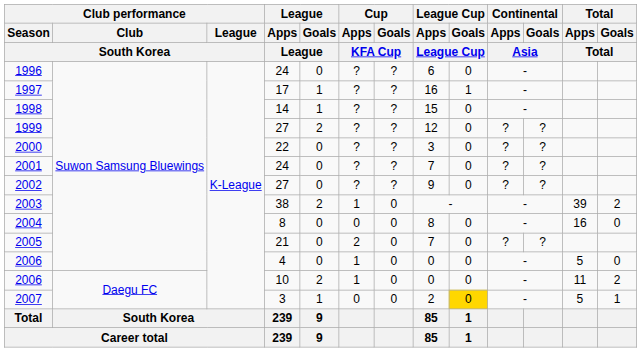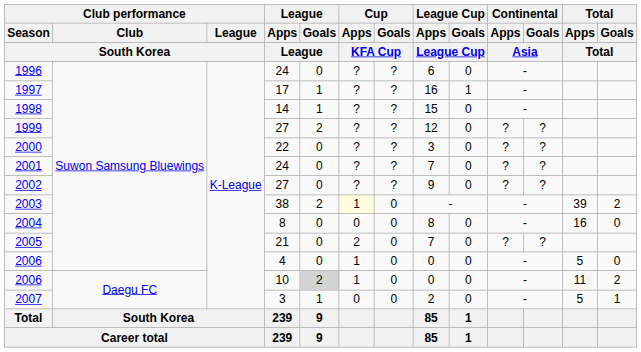 <table class="wikitable" style="text-align:center">
 <tr>
 <th colspan=3>Club performance</th>
 <th colspan=2>League</th>
 <th colspan=2>Cup</th>
 <th colspan=2>League Cup</th>
 <th colspan=2>Continental</th>
 <th colspan=2>Total</th>
 </tr>
 <tr>
 <th>Season</th>
 <th>Club</th>
 <th>League</th>
 <th>Apps</th>
 <th>Goals</th>
 <th>Apps</th>
 <th>Goals</th>
 <th>Apps</th>
 <th>Goals</th>
 <th>Apps</th>
 <th>Goals</th>
 <th>Apps</th>
 <th>Goals</th>
 </tr>
 <tr>
 <th colspan=3>South Korea</th>
 <th colspan=2>League</th>
 <th colspan=2><a href='#'>KFA Cup</a></th>
 <th colspan=2><a href='#'>League Cup</a></th>
 <th colspan=2><a href='#'>Asia</a></th>
 <th colspan=2>Total</th>
 </tr>
 <tr>
 <td><a href='#'>1996</a></td>
 <td rowspan="11"><a href='#'>Suwon Samsung Bluewings</a></td>
 <td rowspan="13"><a href='#'>K-League</a></td>
 <td>24</td>
 <td>0</td>
 <td>?</td>
 <td>?</td>
 <td>6</td>
 <td>0</td>
 <td colspan="2">-</td>
 <td></td>
 <td></td>
 </tr>
 <tr>
 <td><a href='#'>1997</a></td>
 <td>17</td>
 <td>1</td>
 <td>?</td>
 <td>?</td>
 <td>16</td>
 <td>1</td>
 <td colspan="2">-</td>
 <td></td>
 <td></td>
 </tr>
 <tr>
 <td><a href='#'>1998</a></td>
 <td>14</td>
 <td>1</td>
 <td>?</td>
 <td>?</td>
 <td>15</td>
 <td>0</td>
 <td colspan="2">-</td>
 <td></td>
 <td></td>
 </tr>
 <tr>
 <td><a href='#'>1999</a></td>
 <td>27</td>
 <td>2</td>
 <td>?</td>
 <td>?</td>
 <td>12</td>
 <td>0</td>
 <td>?</td>
 <td>?</td>
 <td></td>
 <td></td>
 </tr>
 <tr>
 <td><a href='#'>2000</a></td>
 <td>22</td>
 <td>0</td>
 <td>?</td>
 <td>?</td>
 <td>3</td>
 <td>0</td>
 <td>?</td>
 <td>?</td>
 <td></td>
 <td></td>
 </tr>
 <tr>
 <td><a href='#'>2001</a></td>
 <td>24</td>
 <td>0</td>
 <td>?</td>
 <td>?</td>
 <td>7</td>
 <td>0</td>
 <td>?</td>
 <td>?</td>
 <td></td>
 <td></td>
 </tr>
 <tr>
 <td><a href='#'>2002</a></td>
 <td>27</td>
 <td>0</td>
 <td>?</td>
 <td>?</td>
 <td>9</td>
 <td>0</td>
 <td>?</td>
 <td>?</td>
 <td></td>
 <td></td>
 </tr>
 <tr>
 <td><a href='#'>2003</a></td>
 <td>38</td>
 <td>2</td>
-<td>1</td>
+<td style="background: lightyellow;">1</td>
 <td>0</td>
 <td colspan="2">-</td>
 <td colspan="2">-</td>
 <td>39</td>
 <td>2</td>
 </tr>
 <tr>
 <td><a href='#'>2004</a></td>
 <td>8</td>
 <td>0</td>
 <td>0</td>
 <td>0</td>
 <td>8</td>
 <td>0</td>
 <td colspan="2">-</td>
 <td>16</td>
 <td>0</td>
 </tr>
 <tr>
 <td><a href='#'>2005</a></td>
 <td>21</td>
 <td>0</td>
 <td>2</td>
 <td>0</td>
 <td>7</td>
 <td>0</td>
 <td>?</td>
 <td>?</td>
 <td></td>
 <td></td>
 </tr>
 <tr>
 <td><a href='#'>2006</a></td>
 <td>4</td>
 <td>0</td>
 <td>1</td>
 <td>0</td>
 <td>0</td>
 <td>0</td>
 <td colspan="2">-</td>
 <td>5</td>
 <td>0</td>
 </tr>
 <tr>
 <td><a href='#'>2006</a></td>
 <td rowspan="2"><a href='#'>Daegu FC</a></td>
 <td>10</td>
-<td>2</td>
+<td style="background: lightgrey;">2</td>
 <td>1</td>
 <td>0</td>
 <td>0</td>
 <td>0</td>
 <td colspan="2">-</td>
 <td>11</td>
 <td>2</td>
 </tr>
 <tr>
 <td><a href='#'>2007</a></td>
 <td>3</td>
 <td>1</td>
 <td>0</td>
 <td>0</td>
 <td>2</td>
-<td style="background: gold;">0</td>
+<td>0</td>
 <td colspan="2">-</td>
 <td>5</td>
 <td>1</td>
 </tr>
 <tr>
 <th rowspan=1>Total</th>
 <th colspan=2>South Korea</th>
 <th>239</th>
 <th>9</th>
 <th></th>
 <th></th>
 <th>85</th>
 <th>1</th>
 <th></th>
 <th></th>
 <th></th>
 <th></th>
 </tr>
 <tr>
 <th colspan=3>Career total</th>
 <th>239</th>
 <th>9</th>
 <th></th>
 <th></th>
 <th>85</th>
 <th>1</th>
 <th></th>
 <th></th>
 <th></th>
 <th></th>
 </tr>
 </table>
